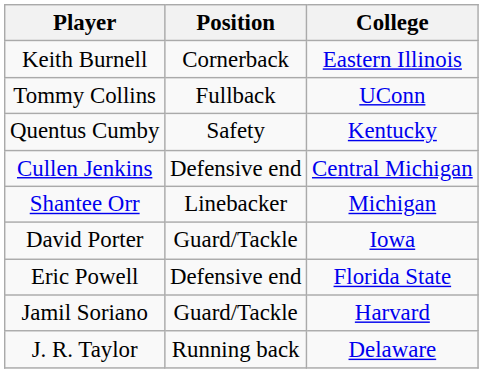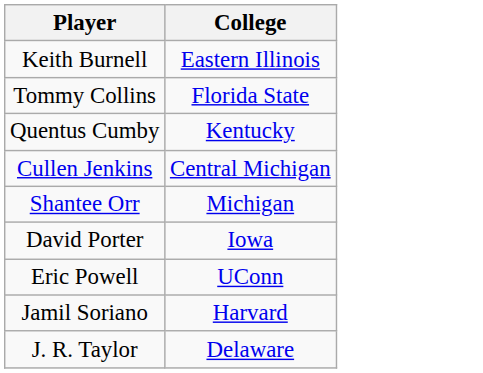 <table class="wikitable" style="text-align:center;">
 <tr>
 <th>Player</th>
-<th>Position</th>
 <th>College</th>
 </tr>
 <tr>
 <td>Keith Burnell</td>
-<td>Cornerback</td>
 <td><a href='#'>Eastern Illinois</a></td>
 </tr>
 <tr>
 <td>Tommy Collins</td>
-<td>Fullback</td>
-<td><a href='#'>UConn</a></td>
+<td><a href='#'>Florida State</a></td>
 </tr>
 <tr>
 <td>Quentus Cumby</td>
-<td>Safety</td>
 <td><a href='#'>Kentucky</a></td>
 </tr>
 <tr>
 <td><a href='#'>Cullen Jenkins</a></td>
-<td>Defensive end</td>
 <td><a href='#'>Central Michigan</a></td>
 </tr>
 <tr>
 <td><a href='#'>Shantee Orr</a></td>
-<td>Linebacker</td>
 <td><a href='#'>Michigan</a></td>
 </tr>
 <tr>
 <td>David Porter</td>
-<td>Guard/Tackle</td>
 <td><a href='#'>Iowa</a></td>
 </tr>
 <tr>
 <td>Eric Powell</td>
-<td>Defensive end</td>
-<td><a href='#'>Florida State</a></td>
+<td><a href='#'>UConn</a></td>
 </tr>
 <tr>
 <td>Jamil Soriano</td>
-<td>Guard/Tackle</td>
 <td><a href='#'>Harvard</a></td>
 </tr>
 <tr>
 <td>J. R. Taylor</td>
-<td>Running back</td>
 <td><a href='#'>Delaware</a></td>
 </tr>
 </table>
